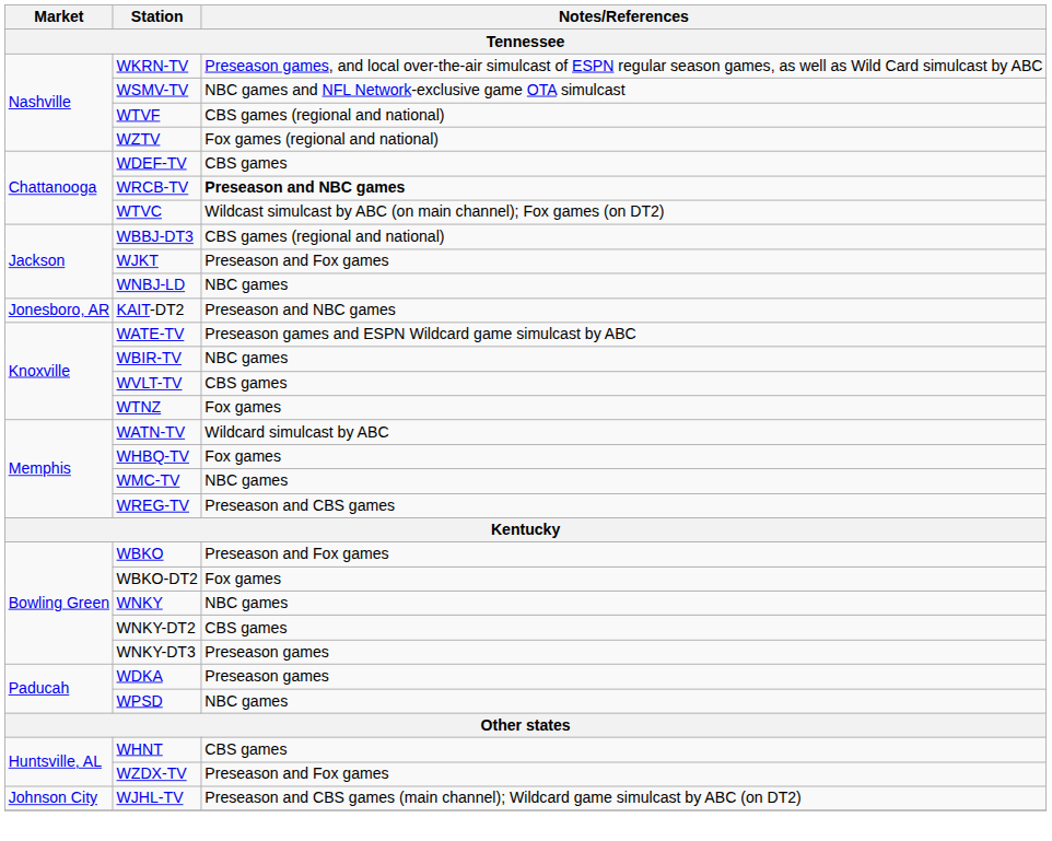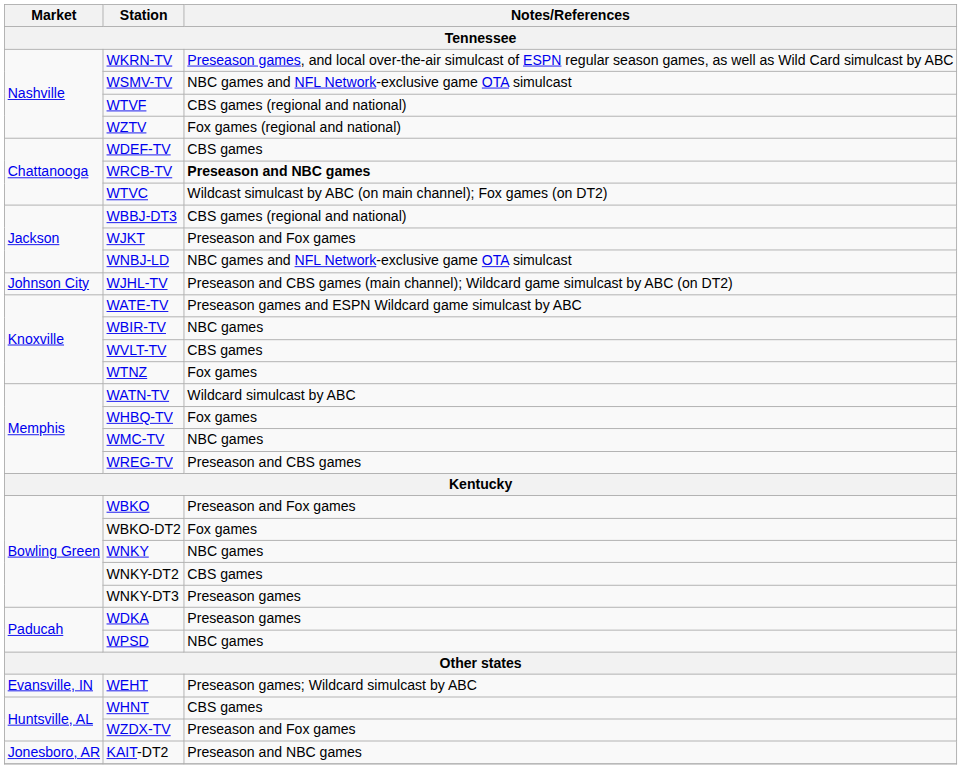 <table class="wikitable">
 <tr>
 <th>Market</th>
 <th>Station</th>
 <th>Notes/References</th>
 </tr>
 <tr>
 <th colspan=3><strong>Tennessee</strong></th>
 </tr>
 <tr>
 <td rowspan=4><a href='#'>Nashville</a></td>
 <td><a href='#'>WKRN-TV</a></td>
 <td><a href='#'>Preseason games</a>, and local over-the-air simulcast of <a href='#'>ESPN</a> regular season games, as well as Wild Card simulcast by ABC</td>
 </tr>
 <tr>
 <td><a href='#'>WSMV-TV</a></td>
 <td>NBC games and <a href='#'>NFL Network</a>-exclusive game <a href='#'>OTA</a> simulcast</td>
 </tr>
 <tr>
 <td><a href='#'>WTVF</a></td>
 <td>CBS games (regional and national)</td>
 </tr>
 <tr>
 <td><a href='#'>WZTV</a></td>
 <td>Fox games (regional and national)</td>
 </tr>
 <tr>
 <td rowspan=3><a href='#'>Chattanooga</a></td>
 <td><a href='#'>WDEF-TV</a></td>
 <td>CBS games</td>
 </tr>
 <tr>
 <td><a href='#'>WRCB-TV</a></td>
 <td><strong>Preseason and NBC games</strong></td>
 </tr>
 <tr>
 <td><a href='#'>WTVC</a></td>
 <td>Wildcast simulcast by ABC (on main channel); Fox games (on DT2)</td>
 </tr>
 <tr>
 <td rowspan=3><a href='#'>Jackson</a></td>
 <td><a href='#'>WBBJ-DT3</a></td>
 <td>CBS games (regional and national)</td>
 </tr>
 <tr>
 <td><a href='#'>WJKT</a></td>
 <td>Preseason and Fox games</td>
 </tr>
 <tr>
 <td><a href='#'>WNBJ-LD</a></td>
-<td>NBC games</td>
+<td>NBC games and <a href='#'>NFL Network</a>-exclusive game <a href='#'>OTA</a> simulcast</td>
 </tr>
 <tr>
-<td><a href='#'>Jonesboro, AR</a></td>
-<td><a href='#'>KAIT</a>-DT2</td>
-<td>Preseason and NBC games</td>
+<td><a href='#'>Johnson City</a></td>
+<td><a href='#'>WJHL-TV</a></td>
+<td>Preseason and CBS games (main channel); Wildcard game simulcast by ABC (on DT2)</td>
 </tr>
 <tr>
 <td rowspan=4><a href='#'>Knoxville</a></td>
 <td><a href='#'>WATE-TV</a></td>
 <td>Preseason games and ESPN Wildcard game simulcast by ABC</td>
 </tr>
 <tr>
 <td><a href='#'>WBIR-TV</a></td>
 <td>NBC games</td>
 </tr>
 <tr>
 <td><a href='#'>WVLT-TV</a></td>
 <td>CBS games</td>
 </tr>
 <tr>
 <td><a href='#'>WTNZ</a></td>
 <td>Fox games</td>
 </tr>
 <tr>
 <td rowspan=4><a href='#'>Memphis</a></td>
 <td><a href='#'>WATN-TV</a></td>
 <td>Wildcard simulcast by ABC</td>
 </tr>
 <tr>
 <td><a href='#'>WHBQ-TV</a></td>
 <td>Fox games</td>
 </tr>
 <tr>
 <td><a href='#'>WMC-TV</a></td>
 <td>NBC games</td>
 </tr>
 <tr>
 <td><a href='#'>WREG-TV</a></td>
 <td>Preseason and CBS games</td>
 </tr>
 <tr>
 <th colspan=3><strong>Kentucky</strong></th>
 </tr>
 <tr>
 <td rowspan=5><a href='#'>Bowling Green</a></td>
 <td><a href='#'>WBKO</a></td>
 <td>Preseason and Fox games</td>
 </tr>
 <tr>
 <td>WBKO-DT2</td>
 <td>Fox games</td>
 </tr>
 <tr>
 <td><a href='#'>WNKY</a></td>
 <td>NBC games</td>
 </tr>
 <tr>
 <td>WNKY-DT2</td>
 <td>CBS games</td>
 </tr>
 <tr>
 <td>WNKY-DT3</td>
 <td>Preseason games</td>
 </tr>
 <tr>
 <td rowspan=2><a href='#'>Paducah</a></td>
 <td><a href='#'>WDKA</a></td>
 <td>Preseason games</td>
 </tr>
 <tr>
 <td><a href='#'>WPSD</a></td>
 <td>NBC games</td>
 </tr>
 <tr>
 <th colspan=3><strong>Other states</strong></th>
 </tr>
 <tr>
+<td><a href='#'>Evansville, IN</a></td>
+<td><a href='#'>WEHT</a></td>
+<td>Preseason games; Wildcard simulcast by ABC</td>
+</tr>
+<tr>
 <td rowspan=2><a href='#'>Huntsville, AL</a></td>
 <td><a href='#'>WHNT</a></td>
 <td>CBS games</td>
 </tr>
 <tr>
 <td><a href='#'>WZDX-TV</a></td>
 <td>Preseason and Fox games</td>
 </tr>
 <tr>
-<td><a href='#'>Johnson City</a></td>
-<td><a href='#'>WJHL-TV</a></td>
-<td>Preseason and CBS games (main channel); Wildcard game simulcast by ABC (on DT2)</td>
+<td><a href='#'>Jonesboro, AR</a></td>
+<td><a href='#'>KAIT</a>-DT2</td>
+<td>Preseason and NBC games</td>
 </tr>
 <tr>
 </tr>
 </table>
